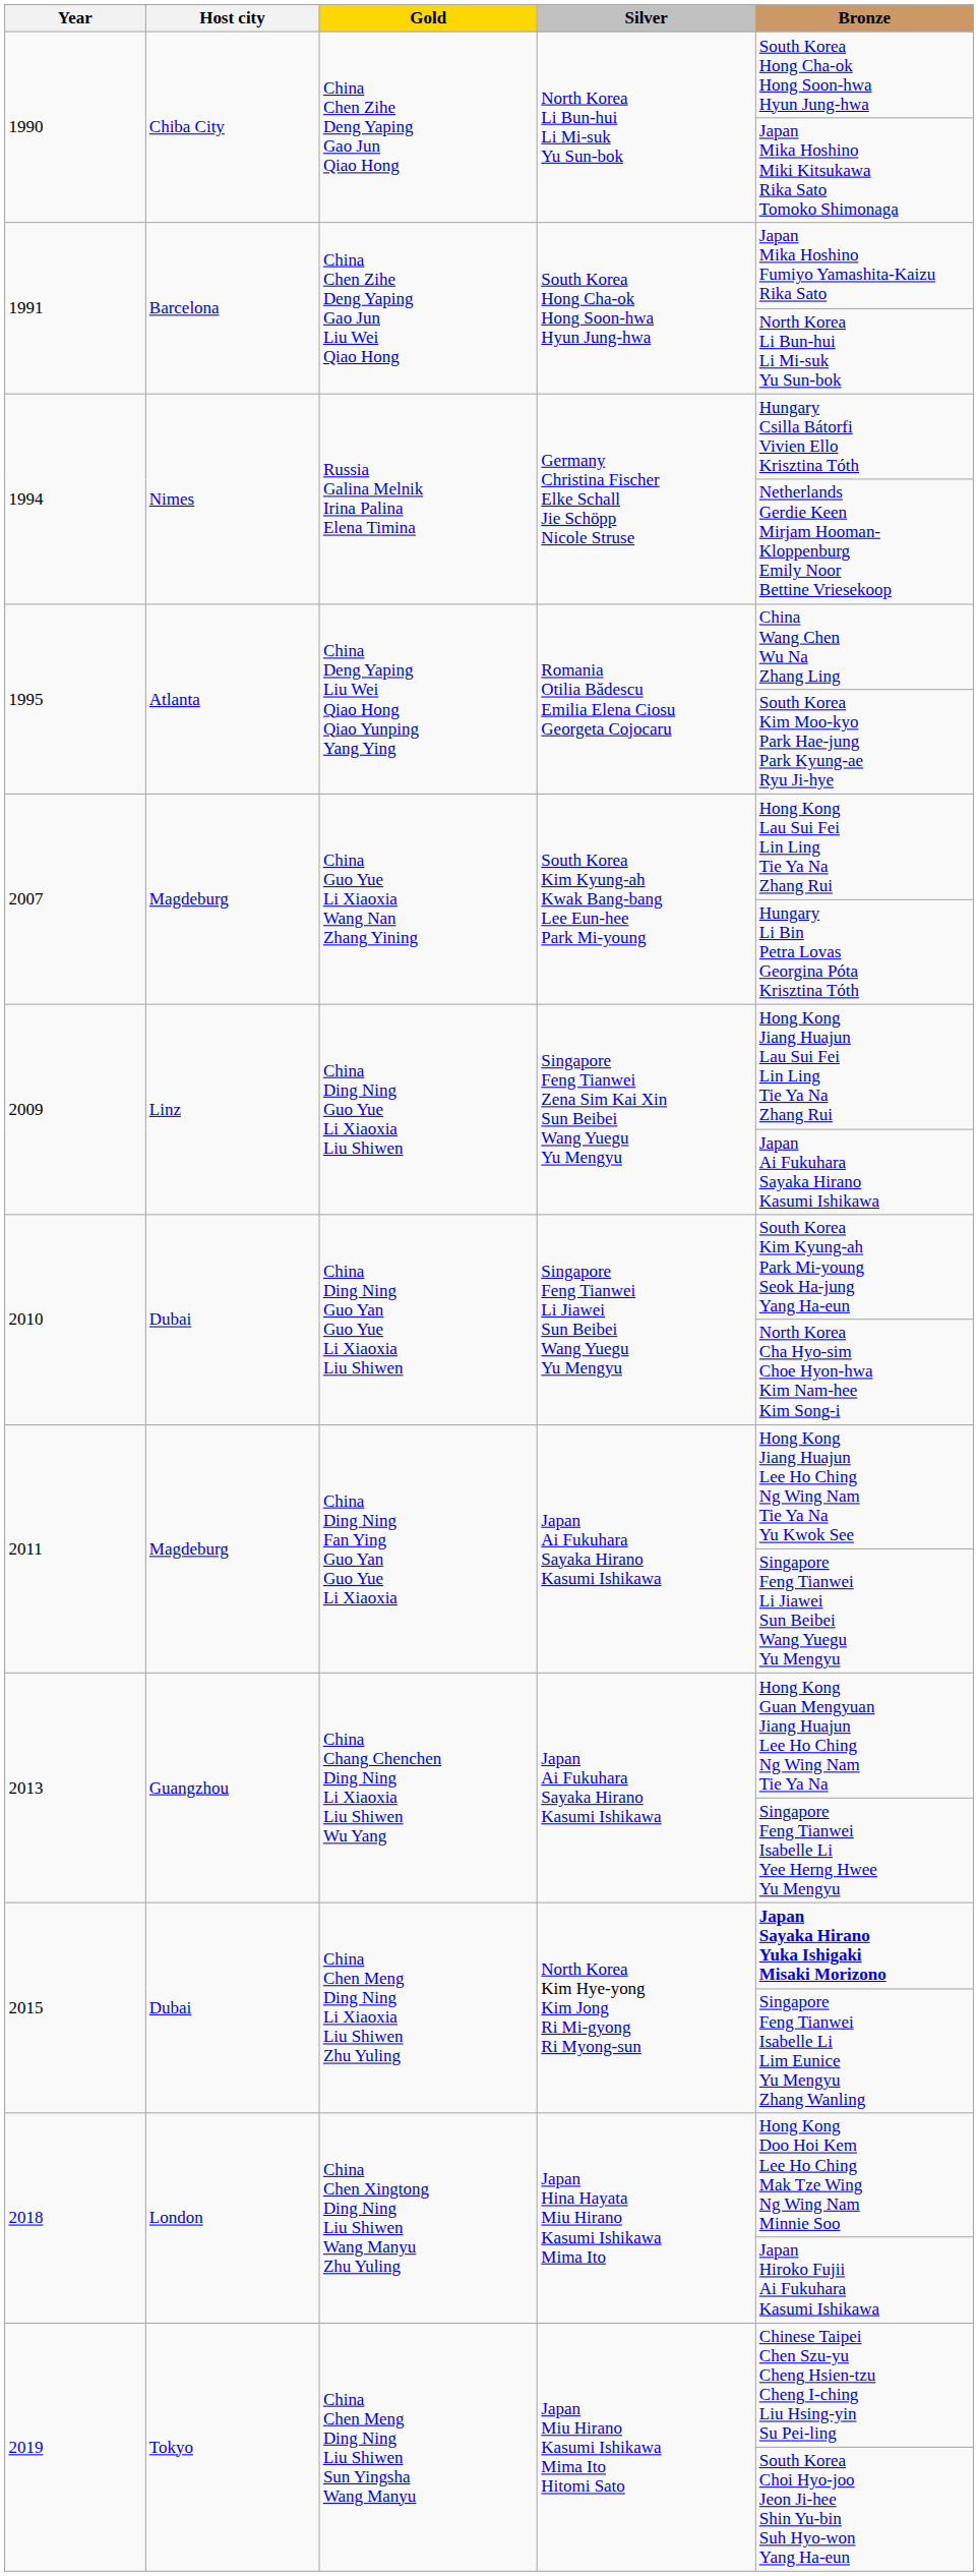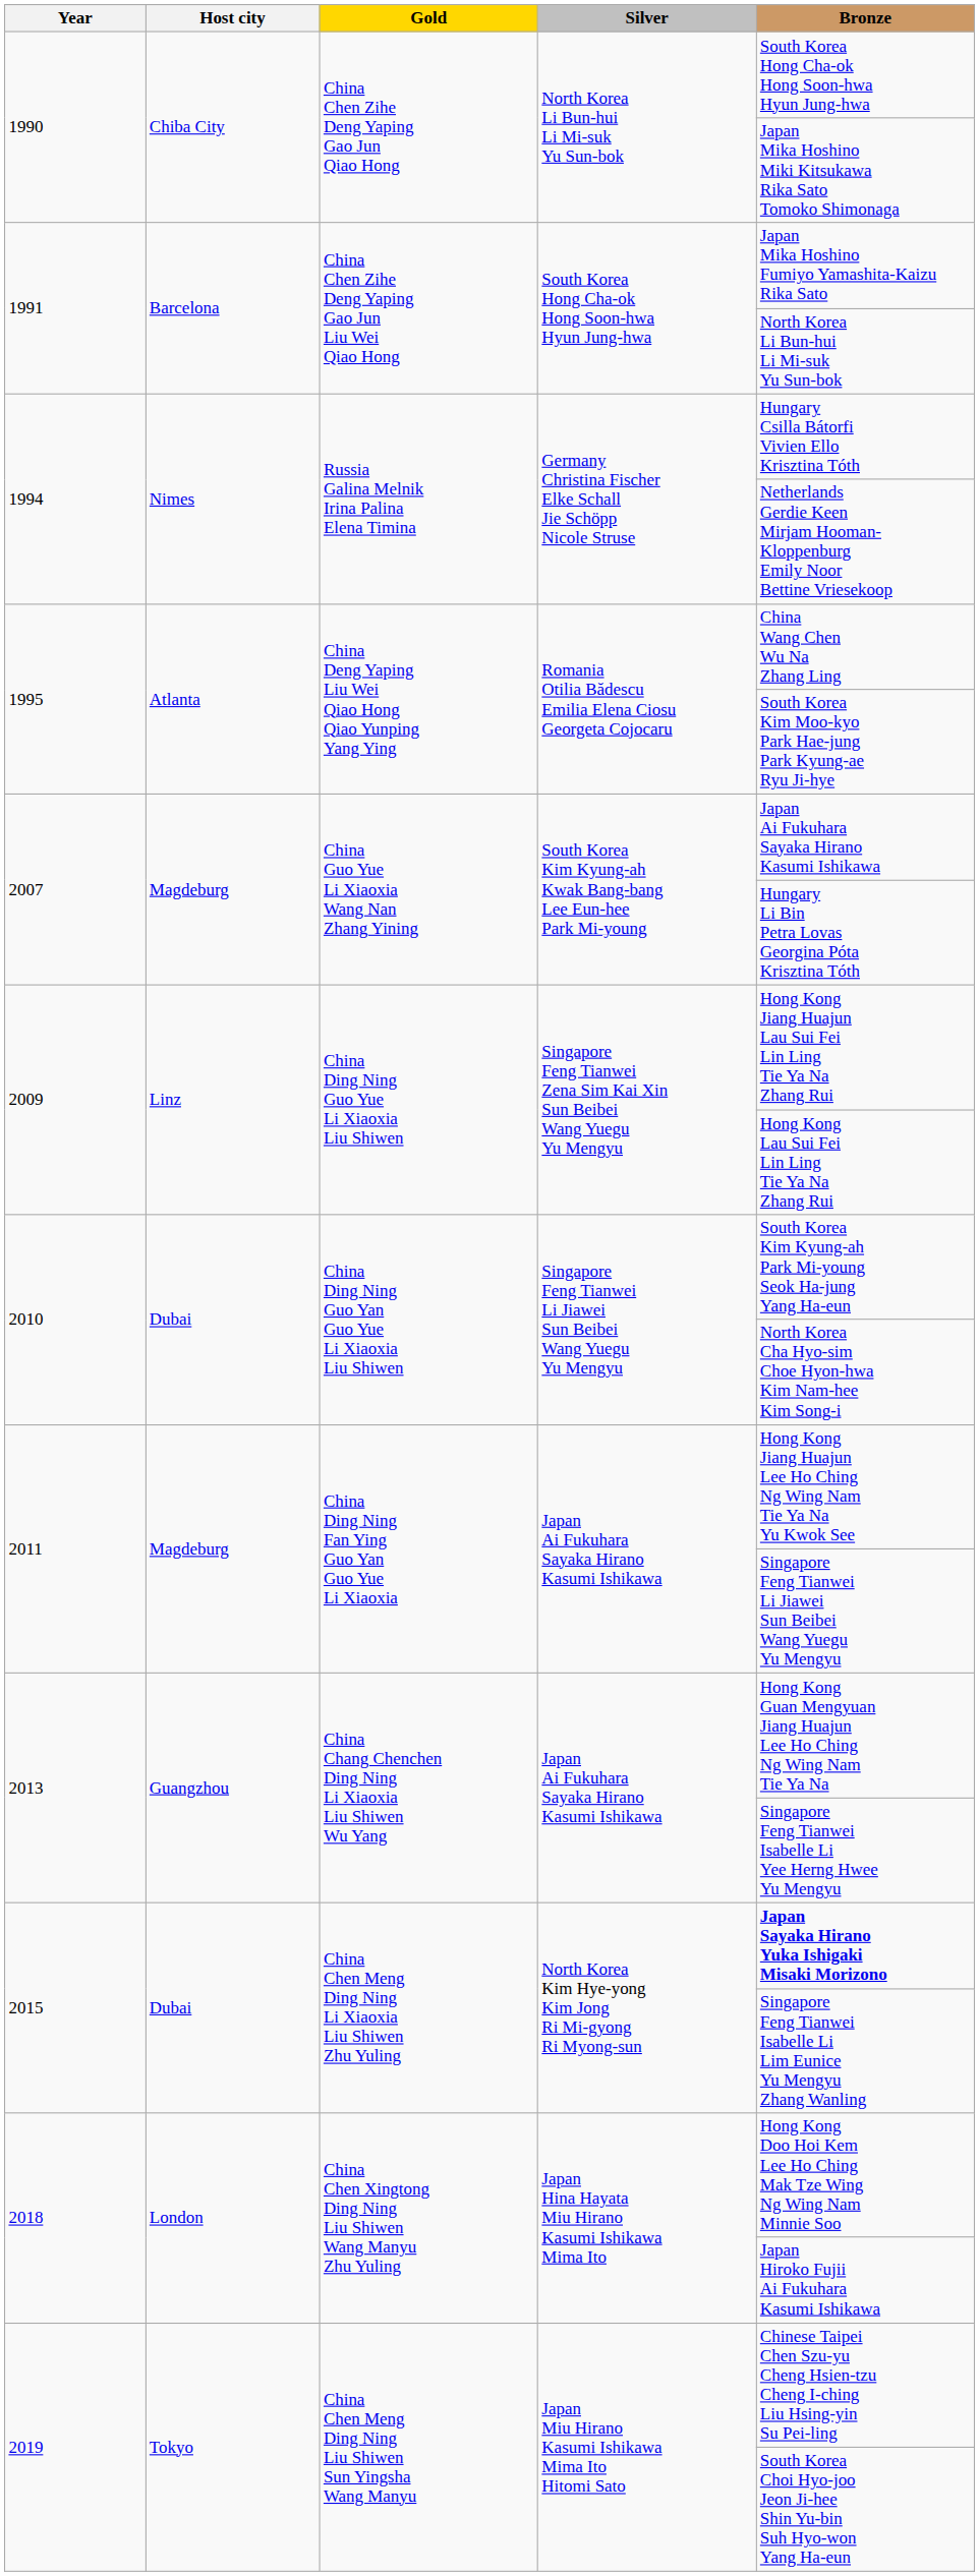 <table class="wikitable" style="text-align: left; width: 900px;">
 <tr>
 <th width="120">Year</th>
 <th width="150">Host city</th>
 <th width="190" style="background-color: gold">Gold</th>
 <th width="190" style="background-color: silver">Silver</th>
 <th width="190" style="background-color: #cc9966">Bronze</th>
 </tr>
 <tr>
 <td rowspan=2>1990</td>
 <td rowspan=2><a href='#'>Chiba City</a></td>
 <td rowspan=2> <a href='#'>China</a><br><a href='#'>Chen Zihe</a><br><a href='#'>Deng Yaping</a><br><a href='#'>Gao Jun</a><br><a href='#'>Qiao Hong</a></td>
 <td rowspan=2> <a href='#'>North Korea</a><br><a href='#'>Li Bun-hui</a><br><a href='#'>Li Mi-suk</a><br><a href='#'>Yu Sun-bok</a></td>
 <td> <a href='#'>South Korea</a><br><a href='#'>Hong Cha-ok</a><br><a href='#'>Hong Soon-hwa</a><br><a href='#'>Hyun Jung-hwa</a></td>
 </tr>
 <tr>
 <td> <a href='#'>Japan</a><br><a href='#'>Mika Hoshino</a><br><a href='#'>Miki Kitsukawa</a><br><a href='#'>Rika Sato</a><br><a href='#'>Tomoko Shimonaga</a></td>
 </tr>
 <tr>
 <td rowspan=2>1991</td>
 <td rowspan=2><a href='#'>Barcelona</a></td>
 <td rowspan=2> <a href='#'>China</a><br><a href='#'>Chen Zihe</a><br><a href='#'>Deng Yaping</a><br><a href='#'>Gao Jun</a><br><a href='#'>Liu Wei</a><br><a href='#'>Qiao Hong</a></td>
 <td rowspan=2> <a href='#'>South Korea</a><br><a href='#'>Hong Cha-ok</a><br><a href='#'>Hong Soon-hwa</a><br><a href='#'>Hyun Jung-hwa</a></td>
 <td> <a href='#'>Japan</a><br><a href='#'>Mika Hoshino</a><br><a href='#'>Fumiyo Yamashita-Kaizu</a><br><a href='#'>Rika Sato</a></td>
 </tr>
 <tr>
 <td> <a href='#'>North Korea</a><br><a href='#'>Li Bun-hui</a><br><a href='#'>Li Mi-suk</a><br><a href='#'>Yu Sun-bok</a></td>
 </tr>
 <tr>
 <td rowspan=2>1994</td>
 <td rowspan=2><a href='#'>Nimes</a></td>
 <td rowspan=2> <a href='#'>Russia</a><br><a href='#'>Galina Melnik</a><br><a href='#'>Irina Palina</a><br><a href='#'>Elena Timina</a></td>
 <td rowspan=2> <a href='#'>Germany</a><br><a href='#'>Christina Fischer</a><br><a href='#'>Elke Schall</a><br><a href='#'>Jie Schöpp</a><br><a href='#'>Nicole Struse</a></td>
 <td> <a href='#'>Hungary</a><br><a href='#'>Csilla Bátorfi</a><br><a href='#'>Vivien Ello</a><br><a href='#'>Krisztina Tóth</a></td>
 </tr>
 <tr>
 <td> <a href='#'>Netherlands</a><br><a href='#'>Gerdie Keen</a><br><a href='#'>Mirjam Hooman-Kloppenburg</a><br><a href='#'>Emily Noor</a><br><a href='#'>Bettine Vriesekoop</a></td>
 </tr>
 <tr>
 <td rowspan=2>1995</td>
 <td rowspan=2><a href='#'>Atlanta</a></td>
 <td rowspan=2> <a href='#'>China</a><br><a href='#'>Deng Yaping</a><br><a href='#'>Liu Wei</a><br><a href='#'>Qiao Hong</a><br><a href='#'>Qiao Yunping</a><br><a href='#'>Yang Ying</a></td>
 <td rowspan=2> <a href='#'>Romania</a><br><a href='#'>Otilia Bădescu</a><br><a href='#'>Emilia Elena Ciosu</a><br><a href='#'>Georgeta Cojocaru</a></td>
 <td> <a href='#'>China</a><br><a href='#'>Wang Chen</a><br><a href='#'>Wu Na</a><br><a href='#'>Zhang Ling</a></td>
 </tr>
 <tr>
 <td> <a href='#'>South Korea</a><br><a href='#'>Kim Moo-kyo</a><br><a href='#'>Park Hae-jung</a><br><a href='#'>Park Kyung-ae</a><br><a href='#'>Ryu Ji-hye</a></td>
 </tr>
 <tr>
 <td rowspan=2>2007</td>
 <td rowspan=2><a href='#'>Magdeburg</a></td>
 <td rowspan=2> <a href='#'>China</a><br><a href='#'>Guo Yue</a><br><a href='#'>Li Xiaoxia</a><br><a href='#'>Wang Nan</a><br><a href='#'>Zhang Yining</a></td>
 <td rowspan=2> <a href='#'>South Korea</a><br><a href='#'>Kim Kyung-ah</a><br><a href='#'>Kwak Bang-bang</a><br><a href='#'>Lee Eun-hee</a><br><a href='#'>Park Mi-young</a></td>
-<td> <a href='#'>Hong Kong</a><br><a href='#'>Lau Sui Fei</a><br><a href='#'>Lin Ling</a><br><a href='#'>Tie Ya Na</a><br><a href='#'>Zhang Rui</a></td>
+<td> <a href='#'>Japan</a><br><a href='#'>Ai Fukuhara</a><br><a href='#'>Sayaka Hirano</a><br><a href='#'>Kasumi Ishikawa</a></td>
 </tr>
 <tr>
 <td> <a href='#'>Hungary</a><br><a href='#'>Li Bin</a><br><a href='#'>Petra Lovas</a><br><a href='#'>Georgina Póta</a><br><a href='#'>Krisztina Tóth</a></td>
 </tr>
 <tr>
 <td rowspan=2>2009</td>
 <td rowspan=2><a href='#'>Linz</a></td>
 <td rowspan=2> <a href='#'>China</a><br><a href='#'>Ding Ning</a><br><a href='#'>Guo Yue</a><br><a href='#'>Li Xiaoxia</a><br><a href='#'>Liu Shiwen</a></td>
 <td rowspan=2> <a href='#'>Singapore</a><br><a href='#'>Feng Tianwei</a><br><a href='#'>Zena Sim Kai Xin</a><br><a href='#'>Sun Beibei</a><br><a href='#'>Wang Yuegu</a><br><a href='#'>Yu Mengyu</a></td>
 <td> <a href='#'>Hong Kong</a><br><a href='#'>Jiang Huajun</a><br><a href='#'>Lau Sui Fei</a><br><a href='#'>Lin Ling</a><br><a href='#'>Tie Ya Na</a><br><a href='#'>Zhang Rui</a></td>
 </tr>
 <tr>
-<td> <a href='#'>Japan</a><br><a href='#'>Ai Fukuhara</a><br><a href='#'>Sayaka Hirano</a><br><a href='#'>Kasumi Ishikawa</a></td>
+<td> <a href='#'>Hong Kong</a><br><a href='#'>Lau Sui Fei</a><br><a href='#'>Lin Ling</a><br><a href='#'>Tie Ya Na</a><br><a href='#'>Zhang Rui</a></td>
 </tr>
 <tr>
 <td rowspan=2>2010</td>
 <td rowspan=2><a href='#'>Dubai</a></td>
 <td rowspan=2> <a href='#'>China</a><br><a href='#'>Ding Ning</a><br><a href='#'>Guo Yan</a><br><a href='#'>Guo Yue</a><br><a href='#'>Li Xiaoxia</a><br><a href='#'>Liu Shiwen</a></td>
 <td rowspan=2> <a href='#'>Singapore</a><br><a href='#'>Feng Tianwei</a><br><a href='#'>Li Jiawei</a><br><a href='#'>Sun Beibei</a><br><a href='#'>Wang Yuegu</a><br><a href='#'>Yu Mengyu</a></td>
 <td> <a href='#'>South Korea</a><br><a href='#'>Kim Kyung-ah</a><br><a href='#'>Park Mi-young</a><br><a href='#'>Seok Ha-jung</a><br><a href='#'>Yang Ha-eun</a></td>
 </tr>
 <tr>
 <td> <a href='#'>North Korea</a><br><a href='#'>Cha Hyo-sim</a><br><a href='#'>Choe Hyon-hwa</a><br><a href='#'>Kim Nam-hee</a><br><a href='#'>Kim Song-i</a></td>
 </tr>
 <tr>
 <td rowspan=2>2011</td>
 <td rowspan=2><a href='#'>Magdeburg</a></td>
 <td rowspan=2> <a href='#'>China</a><br><a href='#'>Ding Ning</a><br><a href='#'>Fan Ying</a><br><a href='#'>Guo Yan</a><br><a href='#'>Guo Yue</a><br><a href='#'>Li Xiaoxia</a></td>
 <td rowspan=2> <a href='#'>Japan</a><br><a href='#'>Ai Fukuhara</a><br><a href='#'>Sayaka Hirano</a><br><a href='#'>Kasumi Ishikawa</a></td>
 <td> <a href='#'>Hong Kong</a><br><a href='#'>Jiang Huajun</a><br><a href='#'>Lee Ho Ching</a><br><a href='#'>Ng Wing Nam</a><br><a href='#'>Tie Ya Na</a><br><a href='#'>Yu Kwok See</a></td>
 </tr>
 <tr>
 <td> <a href='#'>Singapore</a><br><a href='#'>Feng Tianwei</a><br><a href='#'>Li Jiawei</a><br><a href='#'>Sun Beibei</a><br><a href='#'>Wang Yuegu</a><br><a href='#'>Yu Mengyu</a></td>
 </tr>
 <tr>
 <td rowspan=2>2013</td>
 <td rowspan=2><a href='#'>Guangzhou</a></td>
 <td rowspan=2> <a href='#'>China</a><br><a href='#'>Chang Chenchen</a><br><a href='#'>Ding Ning</a><br><a href='#'>Li Xiaoxia</a><br><a href='#'>Liu Shiwen</a><br><a href='#'>Wu Yang</a></td>
 <td rowspan=2> <a href='#'>Japan</a><br><a href='#'>Ai Fukuhara</a><br><a href='#'>Sayaka Hirano</a><br><a href='#'>Kasumi Ishikawa</a></td>
 <td> <a href='#'>Hong Kong</a><br><a href='#'>Guan Mengyuan</a><br><a href='#'>Jiang Huajun</a><br><a href='#'>Lee Ho Ching</a><br><a href='#'>Ng Wing Nam</a><br><a href='#'>Tie Ya Na</a></td>
 </tr>
 <tr>
 <td> <a href='#'>Singapore</a><br><a href='#'>Feng Tianwei</a><br><a href='#'>Isabelle Li</a><br><a href='#'>Yee Herng Hwee</a><br><a href='#'>Yu Mengyu</a></td>
 </tr>
 <tr>
 <td rowspan=2>2015</td>
 <td rowspan=2><a href='#'>Dubai</a></td>
 <td rowspan=2> <a href='#'>China</a><br><a href='#'>Chen Meng</a><br><a href='#'>Ding Ning</a><br><a href='#'>Li Xiaoxia</a><br><a href='#'>Liu Shiwen</a><br><a href='#'>Zhu Yuling</a></td>
 <td rowspan=2> <a href='#'>North Korea</a><br>Kim Hye-yong<br><a href='#'>Kim Jong</a><br><a href='#'>Ri Mi-gyong</a><br><a href='#'>Ri Myong-sun</a></td>
 <td><strong> <a href='#'>Japan</a><br><a href='#'>Sayaka Hirano</a><br><a href='#'>Yuka Ishigaki</a><br><a href='#'>Misaki Morizono</a></strong></td>
 </tr>
 <tr>
 <td> <a href='#'>Singapore</a><br><a href='#'>Feng Tianwei</a><br><a href='#'>Isabelle Li</a><br><a href='#'>Lim Eunice</a><br><a href='#'>Yu Mengyu</a><br><a href='#'>Zhang Wanling</a></td>
 </tr>
 <tr>
 <td rowspan=2><a href='#'>2018</a></td>
 <td rowspan=2><a href='#'>London</a></td>
 <td rowspan=2> <a href='#'>China</a><br><a href='#'>Chen Xingtong</a><br><a href='#'>Ding Ning</a><br><a href='#'>Liu Shiwen</a><br><a href='#'>Wang Manyu</a><br><a href='#'>Zhu Yuling</a></td>
 <td rowspan=2> <a href='#'>Japan</a><br><a href='#'>Hina Hayata</a><br><a href='#'>Miu Hirano</a><br><a href='#'>Kasumi Ishikawa</a><br><a href='#'>Mima Ito</a></td>
 <td> <a href='#'>Hong Kong</a><br><a href='#'>Doo Hoi Kem</a><br><a href='#'>Lee Ho Ching</a><br><a href='#'>Mak Tze Wing</a><br><a href='#'>Ng Wing Nam</a><br><a href='#'>Minnie Soo</a></td>
 </tr>
 <tr>
 <td> <a href='#'>Japan</a><br><a href='#'>Hiroko Fujii</a><br><a href='#'>Ai Fukuhara</a><br><a href='#'>Kasumi Ishikawa</a></td>
 </tr>
 <tr>
 <td rowspan=2><a href='#'>2019</a></td>
 <td rowspan=2><a href='#'>Tokyo</a></td>
 <td rowspan=2> <a href='#'>China</a><br><a href='#'>Chen Meng</a><br><a href='#'>Ding Ning</a><br><a href='#'>Liu Shiwen</a><br><a href='#'>Sun Yingsha</a><br><a href='#'>Wang Manyu</a></td>
 <td rowspan=2> <a href='#'>Japan</a><br><a href='#'>Miu Hirano</a><br><a href='#'>Kasumi Ishikawa</a><br><a href='#'>Mima Ito</a><br><a href='#'>Hitomi Sato</a></td>
 <td> <a href='#'>Chinese Taipei</a><br><a href='#'>Chen Szu-yu</a><br><a href='#'>Cheng Hsien-tzu</a><br><a href='#'>Cheng I-ching</a><br><a href='#'>Liu Hsing-yin</a><br><a href='#'>Su Pei-ling</a></td>
 </tr>
 <tr>
 <td> <a href='#'>South Korea</a><br><a href='#'>Choi Hyo-joo</a><br><a href='#'>Jeon Ji-hee</a><br><a href='#'>Shin Yu-bin</a><br><a href='#'>Suh Hyo-won</a><br><a href='#'>Yang Ha-eun</a></td>
 </tr>
 </table>
